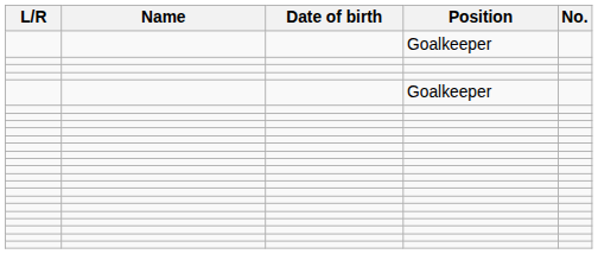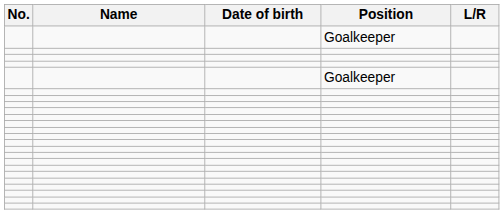 <table class="wikitable sortable" style=font-size:100%; text-align:center;>
 <tr>
-<th style=width:3em>L/R</th>
+<th>No.</th>
 <th style=width:12em>Name</th>
 <th style=width:8em>Date of birth</th>
 <th style=width:9em>Position</th>
-<th>No.</th>
+<th style=width:3em>L/R</th>
 </tr>
 <tr>
 <td></td>
 <td align=left></td>
 <td align=right></td>
 <td>Goalkeeper</td>
 <td></td>
 </tr>
 <tr>
 <td></td>
 <td align=left></td>
 <td align=right></td>
 <td></td>
 <td></td>
 </tr>
 <tr>
 <td></td>
 <td align=left></td>
 <td align=right></td>
 <td></td>
 <td></td>
 </tr>
 <tr>
 <td></td>
 <td align=left></td>
 <td align=right></td>
 <td></td>
 <td></td>
 </tr>
 <tr>
 <td></td>
 <td align=left></td>
 <td align=right></td>
 <td>Goalkeeper</td>
 <td></td>
 </tr>
 <tr>
 <td></td>
 <td align=left></td>
 <td align=right></td>
 <td></td>
 <td></td>
 </tr>
 <tr>
 <td></td>
 <td align=left></td>
 <td align=right></td>
 <td></td>
 <td></td>
 </tr>
 <tr>
 <td></td>
 <td align=left></td>
 <td align=right></td>
 <td></td>
 <td></td>
 </tr>
 <tr>
 <td></td>
 <td align=left></td>
 <td align=right></td>
 <td></td>
 <td></td>
 </tr>
 <tr>
 <td></td>
 <td align=left></td>
 <td align=right></td>
 <td></td>
 <td></td>
 </tr>
 <tr>
 <td></td>
 <td align=left></td>
 <td align=right></td>
 <td></td>
 <td></td>
 </tr>
 <tr>
 <td></td>
 <td align=left></td>
 <td align=right></td>
 <td></td>
 <td></td>
 </tr>
 <tr>
 <td></td>
 <td align=left></td>
 <td align=right></td>
 <td></td>
 <td></td>
 </tr>
 <tr>
 <td></td>
 <td align=left></td>
 <td align=right></td>
 <td></td>
 <td></td>
 </tr>
 <tr>
 <td></td>
 <td align=left></td>
 <td align=right></td>
 <td></td>
 <td></td>
 </tr>
 <tr>
 <td></td>
 <td align=left></td>
 <td align=right></td>
 <td></td>
 <td></td>
 </tr>
 <tr>
 <td></td>
 <td align=left></td>
 <td align=right></td>
 <td></td>
 <td></td>
 </tr>
 <tr>
 <td></td>
 <td align=left></td>
 <td align=right></td>
 <td></td>
 <td></td>
 </tr>
 <tr>
 <td></td>
 <td align=left></td>
 <td align=right></td>
 <td></td>
 <td></td>
 </tr>
 <tr>
 <td></td>
 <td align=left></td>
 <td align=right></td>
 <td></td>
 <td></td>
 </tr>
 <tr>
 <td></td>
 <td align=left></td>
 <td align=right></td>
 <td></td>
 <td></td>
 </tr>
 <tr>
 <td></td>
 <td align=left></td>
 <td align=right></td>
 <td></td>
 <td></td>
 </tr>
 <tr>
 <td></td>
 <td align=left></td>
 <td align=right></td>
 <td></td>
 <td></td>
 </tr>
 <tr>
 <td></td>
 <td align=left></td>
 <td align=right></td>
 <td></td>
 <td></td>
 </tr>
 </table>
